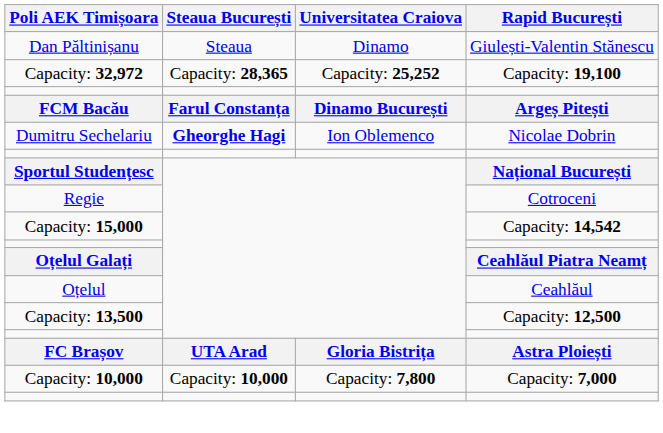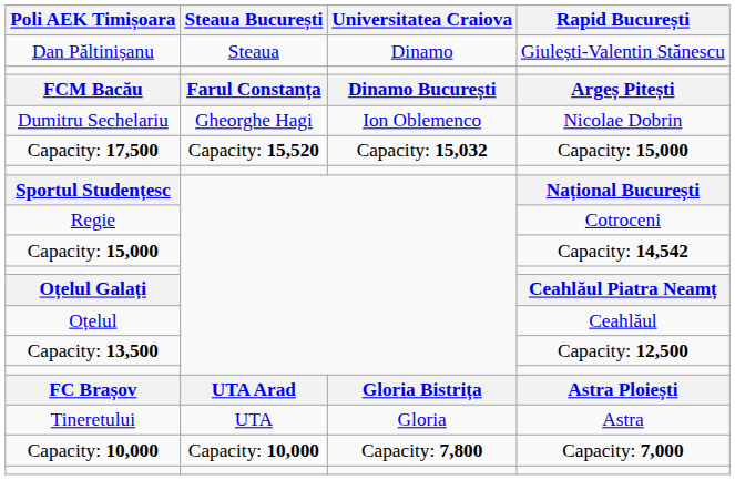 <table class="wikitable" style="text-align:center; margin:0.5em auto;">
 <tr>
 <th><a href='#'>Poli AEK Timișoara</a></th>
 <th><a href='#'>Steaua București</a></th>
 <th><a href='#'>Universitatea Craiova</a></th>
 <th><a href='#'>Rapid București</a></th>
 </tr>
 <tr>
 <td><a href='#'>Dan Păltinișanu</a></td>
 <td><a href='#'>Steaua</a></td>
 <td><a href='#'>Dinamo</a></td>
 <td><a href='#'>Giulești-Valentin Stănescu</a></td>
-</tr>
-<tr>
-<td>Capacity: <strong>32,972</strong></td>
-<td>Capacity: <strong>28,365</strong></td>
-<td>Capacity: <strong>25,252</strong></td>
-<td>Capacity: <strong>19,100</strong></td>
 </tr>
 <tr>
 <td></td>
 <td></td>
 <td></td>
 <td></td>
 </tr>
 <tr>
 <th><a href='#'>FCM Bacău</a></th>
 <th><a href='#'>Farul Constanța</a></th>
 <th><a href='#'>Dinamo București</a></th>
 <th><a href='#'>Argeș Pitești</a></th>
 </tr>
 <tr>
 <td><a href='#'>Dumitru Sechelariu</a></td>
-<td><strong><a href='#'>Gheorghe Hagi</a></strong></td>
+<td><a href='#'>Gheorghe Hagi</a></td>
 <td><a href='#'>Ion Oblemenco</a></td>
 <td><a href='#'>Nicolae Dobrin</a></td>
+</tr>
+<tr>
+<td>Capacity: <strong>17,500</strong></td>
+<td>Capacity: <strong>15,520</strong></td>
+<td>Capacity: <strong>15,032</strong></td>
+<td>Capacity: <strong>15,000</strong></td>
 </tr>
 <tr>
 <td></td>
 <td></td>
 <td></td>
 <td></td>
 </tr>
 <tr>
 <th><a href='#'>Sportul Studențesc</a></th>
 <td colspan="2" rowspan="8"><br> </td>
 <th><a href='#'>Național București</a></th>
 </tr>
 <tr>
 <td><a href='#'>Regie</a></td>
 <td><a href='#'>Cotroceni</a></td>
 </tr>
 <tr>
 <td>Capacity: <strong>15,000</strong></td>
 <td>Capacity: <strong>14,542</strong></td>
 </tr>
 <tr>
 <td></td>
 <td></td>
 </tr>
 <tr>
 <th><a href='#'>Oțelul Galați</a></th>
 <th><a href='#'>Ceahlăul Piatra Neamț</a></th>
 </tr>
 <tr>
 <td><a href='#'>Oțelul</a></td>
 <td><a href='#'>Ceahlăul</a></td>
 </tr>
 <tr>
 <td>Capacity: <strong>13,500</strong></td>
 <td>Capacity: <strong>12,500</strong></td>
 </tr>
 <tr>
 <td></td>
 <td></td>
 </tr>
 <tr>
 <th><a href='#'>FC Brașov</a></th>
 <th><a href='#'>UTA Arad</a></th>
 <th><a href='#'>Gloria Bistrița</a></th>
 <th><a href='#'>Astra Ploiești</a></th>
 </tr>
 <tr>
+<td><a href='#'>Tineretului</a></td>
+<td><a href='#'>UTA</a></td>
+<td><a href='#'>Gloria</a></td>
+<td><a href='#'>Astra</a></td>
+</tr>
+<tr>
 <td>Capacity: <strong>10,000</strong></td>
 <td>Capacity: <strong>10,000</strong></td>
 <td>Capacity: <strong>7,800</strong></td>
 <td>Capacity: <strong>7,000</strong></td>
 </tr>
 <tr>
 <td></td>
 <td></td>
 <td></td>
 <td></td>
 </tr>
 </table>
